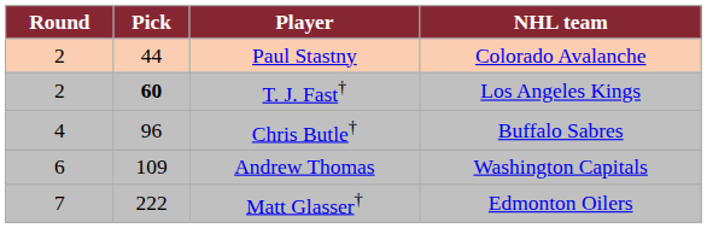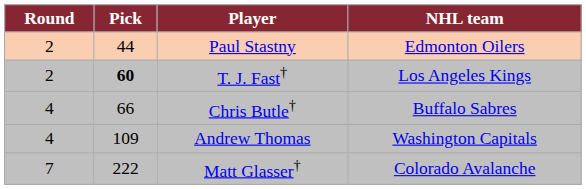 <table class="wikitable" width="60%">
 <tr>
 <th style="color:white; background:#862633; ">Round</th>
 <th style="color:white; background:#862633; ">Pick</th>
 <th style="color:white; background:#862633; ">Player</th>
 <th style="color:white; background:#862633; ">NHL team</th>
 </tr>
 <tr align="center" bgcolor="FBCEB1">
 <td>2</td>
 <td>44</td>
 <td><a href='#'>Paul Stastny</a></td>
-<td><a href='#'>Colorado Avalanche</a></td>
+<td><a href='#'>Edmonton Oilers</a></td>
 </tr>
 <tr align="center" bgcolor="C0C0C0">
 <td>2</td>
 <td><strong>60</strong></td>
 <td><a href='#'>T. J. Fast</a><sup>†</sup></td>
 <td><a href='#'>Los Angeles Kings</a></td>
 </tr>
 <tr align="center" bgcolor="C0C0C0">
 <td>4</td>
-<td>96</td>
+<td>66</td>
 <td><a href='#'>Chris Butle</a><sup>†</sup></td>
 <td><a href='#'>Buffalo Sabres</a></td>
 </tr>
 <tr align="center" bgcolor="C0C0C0">
-<td>6</td>
+<td>4</td>
 <td>109</td>
 <td><a href='#'>Andrew Thomas</a></td>
 <td><a href='#'>Washington Capitals</a></td>
 </tr>
 <tr align="center" bgcolor="C0C0C0">
 <td>7</td>
 <td>222</td>
 <td><a href='#'>Matt Glasser</a><sup>†</sup></td>
-<td><a href='#'>Edmonton Oilers</a></td>
+<td><a href='#'>Colorado Avalanche</a></td>
 </tr>
 </table>
